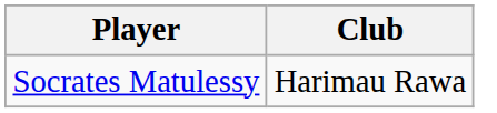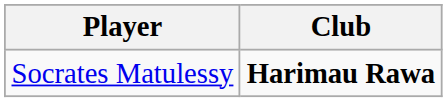 <table class="wikitable">
 <tr>
 <th>Player</th>
 <th>Club</th>
 </tr>
 <tr>
 <td> <a href='#'>Socrates Matulessy</a></td>
-<td>Harimau Rawa</td>
+<td><strong>Harimau Rawa</strong></td>
 </tr>
 </table>
